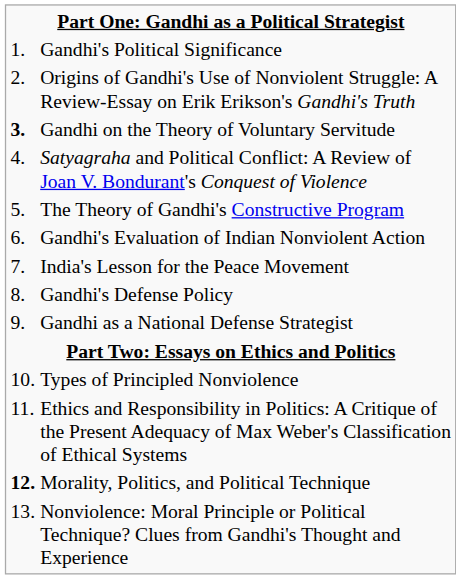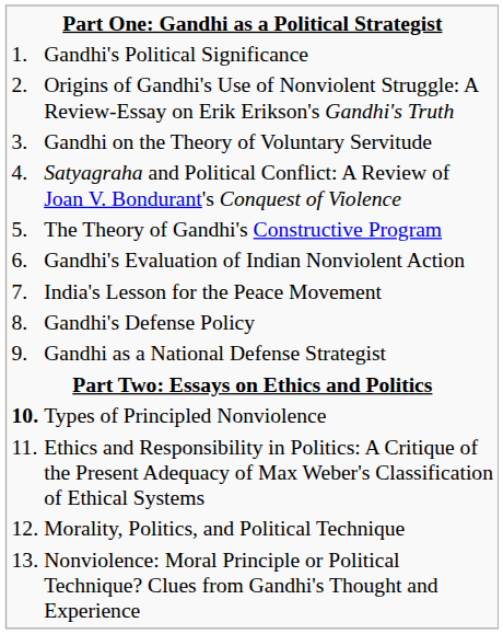 <table style="width: 23em; clear: right; float: right; border: 1px solid #aaa; background-color: #f9f9f9; margin: 0.5em 0 0.5em 1em; font-size: 95%;">
 <tr valign="top">
 <th colspan="2" align="center"><u>Part One: Gandhi as a Political Strategist</u></th>
 </tr>
 <tr valign="top">
 <td>1.</td>
 <td>Gandhi's Political Significance</td>
 </tr>
 <tr valign="top">
 <td>2.</td>
 <td>Origins of Gandhi's Use of Nonviolent Struggle: A Review-Essay on Erik Erikson's <em>Gandhi's Truth</em></td>
 </tr>
 <tr valign="top">
-<td><strong>3.</strong></td>
+<td>3.</td>
 <td>Gandhi on the Theory of Voluntary Servitude</td>
 </tr>
 <tr valign="top">
 <td>4.</td>
 <td><em>Satyagraha</em> and Political Conflict: A Review of <a href='#'>Joan V. Bondurant</a>'s <em>Conquest of Violence</em></td>
 </tr>
 <tr valign="top">
 <td>5.</td>
 <td>The Theory of Gandhi's <a href='#'>Constructive Program</a></td>
 </tr>
 <tr valign="top">
 <td>6.</td>
 <td>Gandhi's Evaluation of Indian Nonviolent Action</td>
 </tr>
 <tr valign="top">
 <td>7.</td>
 <td>India's Lesson for the Peace Movement</td>
 </tr>
 <tr valign="top">
 <td>8.</td>
 <td>Gandhi's Defense Policy</td>
 </tr>
 <tr valign="top">
 <td>9.</td>
 <td>Gandhi as a National Defense Strategist</td>
 </tr>
 <tr valign="top">
 <th colspan="2" align="center"><u>Part Two: Essays on Ethics and Politics</u></th>
 </tr>
 <tr valign="top">
-<td>10.</td>
+<td><strong>10.</strong></td>
 <td>Types of Principled Nonviolence</td>
 </tr>
 <tr valign="top">
 <td>11.</td>
 <td>Ethics and Responsibility in Politics: A Critique of the Present Adequacy of Max Weber's Classification of Ethical Systems</td>
 </tr>
 <tr valign="top">
-<td><strong>12.</strong></td>
+<td>12.</td>
 <td>Morality, Politics, and Political Technique</td>
 </tr>
 <tr valign="top">
 <td>13.</td>
 <td>Nonviolence: Moral Principle or Political Technique? Clues from Gandhi's Thought and Experience</td>
 </tr>
 </table>
